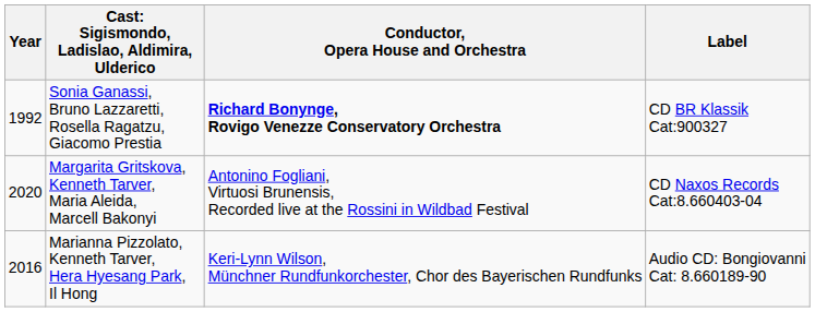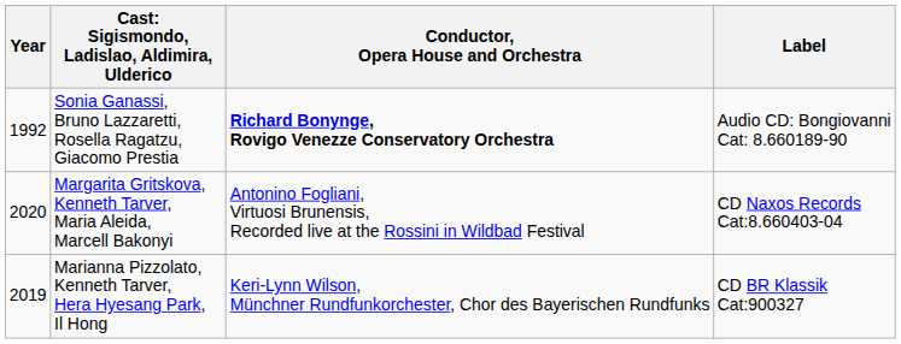 <table class="wikitable">
 <tr>
 <th>Year</th>
 <th width="160">Cast:<br> Sigismondo, Ladislao, Aldimira, Ulderico</th>
 <th>Conductor,<br>Opera House and Orchestra</th>
 <th>Label </th>
 </tr>
 <tr>
 <td>1992</td>
 <td><a href='#'>Sonia Ganassi</a>,<br>Bruno Lazzaretti,<br>Rosella Ragatzu,<br>Giacomo Prestia</td>
 <td><strong><a href='#'>Richard Bonynge</a>,<br>Rovigo Venezze Conservatory Orchestra</strong></td>
-<td>CD <a href='#'>BR Klassik</a><br> Cat:900327</td>
+<td>Audio CD: Bongiovanni<br>Cat: 8.660189-90</td>
 </tr>
 <tr>
 <td>2020</td>
 <td><a href='#'>Margarita Gritskova</a>,<br><a href='#'>Kenneth Tarver</a>,<br>Maria Aleida,<br>Marcell Bakonyi</td>
 <td><a href='#'>Antonino Fogliani</a>,<br>Virtuosi Brunensis,<br>Recorded live at the <a href='#'>Rossini in Wildbad</a> Festival</td>
 <td>CD <a href='#'>Naxos Records</a><br> Cat:8.660403-04</td>
 </tr>
 <tr>
-<td>2016</td>
+<td>2019</td>
 <td>Marianna Pizzolato,<br>Kenneth Tarver, <br><a href='#'>Hera Hyesang Park</a>,<br>Il Hong</td>
 <td><a href='#'>Keri-Lynn Wilson</a>,<br><a href='#'>Münchner Rundfunkorchester</a>, Chor des Bayerischen Rundfunks</td>
-<td>Audio CD: Bongiovanni<br>Cat: 8.660189-90</td>
+<td>CD <a href='#'>BR Klassik</a><br> Cat:900327</td>
 </tr>
 </table>
